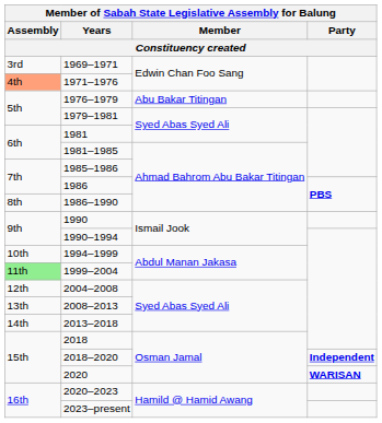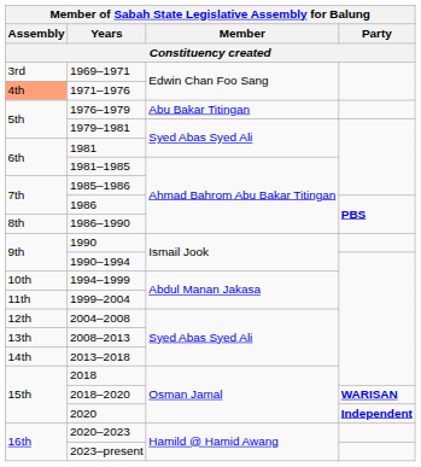 <table class="wikitable">
 <tr>
 <th colspan="4">Member of <a href='#'>Sabah State Legislative Assembly</a> for Balung</th>
 </tr>
 <tr>
 <th>Assembly</th>
 <th>Years</th>
 <th>Member</th>
 <th>Party</th>
 </tr>
 <tr>
 <th colspan="4" align="center"><em>Constituency created</em></th>
 </tr>
 <tr>
 <td>3rd</td>
 <td>1969–1971</td>
 <td rowspan=2>Edwin Chan Foo Sang</td>
 <td rowspan=2></td>
 </tr>
 <tr>
 <td style="background: lightsalmon;">4th</td>
 <td>1971–1976</td>
 </tr>
 <tr>
 <td rowspan="2">5th</td>
 <td>1976–1979</td>
 <td><a href='#'>Abu Bakar Titingan</a></td>
 <td></td>
 </tr>
 <tr>
 <td>1979–1981</td>
 <td rowspan="2"><a href='#'>Syed Abas Syed Ali</a></td>
 <td rowspan="4"></td>
 </tr>
 <tr>
 <td rowspan="2">6th</td>
 <td>1981</td>
 </tr>
 <tr>
 <td>1981–1985</td>
 <td rowspan="4"><a href='#'>Ahmad Bahrom Abu Bakar Titingan</a></td>
 </tr>
 <tr>
 <td rowspan="2">7th</td>
 <td>1985–1986</td>
 </tr>
 <tr>
 <td>1986</td>
 <td rowspan="2"><strong><a href='#'>PBS</a></strong></td>
 </tr>
 <tr>
 <td>8th</td>
 <td>1986–1990</td>
 </tr>
 <tr>
 <td rowspan="2">9th</td>
 <td>1990</td>
 <td rowspan="2">Ismail Jook</td>
 <td></td>
 </tr>
 <tr>
 <td>1990–1994</td>
 <td rowspan="7"></td>
 </tr>
 <tr>
 <td>10th</td>
 <td>1994–1999</td>
 <td rowspan="2"><a href='#'>Abdul Manan Jakasa</a></td>
 </tr>
 <tr>
-<td style="background: lightgreen;">11th</td>
+<td>11th</td>
 <td>1999–2004</td>
 </tr>
 <tr>
 <td>12th</td>
 <td>2004–2008</td>
 <td rowspan="3"><a href='#'>Syed Abas Syed Ali</a></td>
 </tr>
 <tr>
 <td>13th</td>
 <td>2008–2013</td>
 </tr>
 <tr>
 <td>14th</td>
 <td>2013–2018</td>
 </tr>
 <tr>
 <td rowspan="3">15th</td>
 <td>2018</td>
 <td rowspan="3"><a href='#'>Osman Jamal</a></td>
 </tr>
 <tr>
 <td>2018–2020</td>
-<td><strong><a href='#'>Independent</a></strong></td>
+<td><strong><a href='#'>WARISAN</a></strong></td>
 </tr>
 <tr>
 <td>2020</td>
-<td><strong><a href='#'>WARISAN</a></strong></td>
+<td><strong><a href='#'>Independent</a></strong></td>
 </tr>
 <tr>
 <td rowspan="2"><a href='#'>16th</a></td>
 <td>2020–2023</td>
 <td rowspan="2"><a href='#'>Hamild @ Hamid Awang</a></td>
 <td></td>
 </tr>
 <tr>
 <td>2023–present</td>
 <td></td>
 </tr>
 </table>
